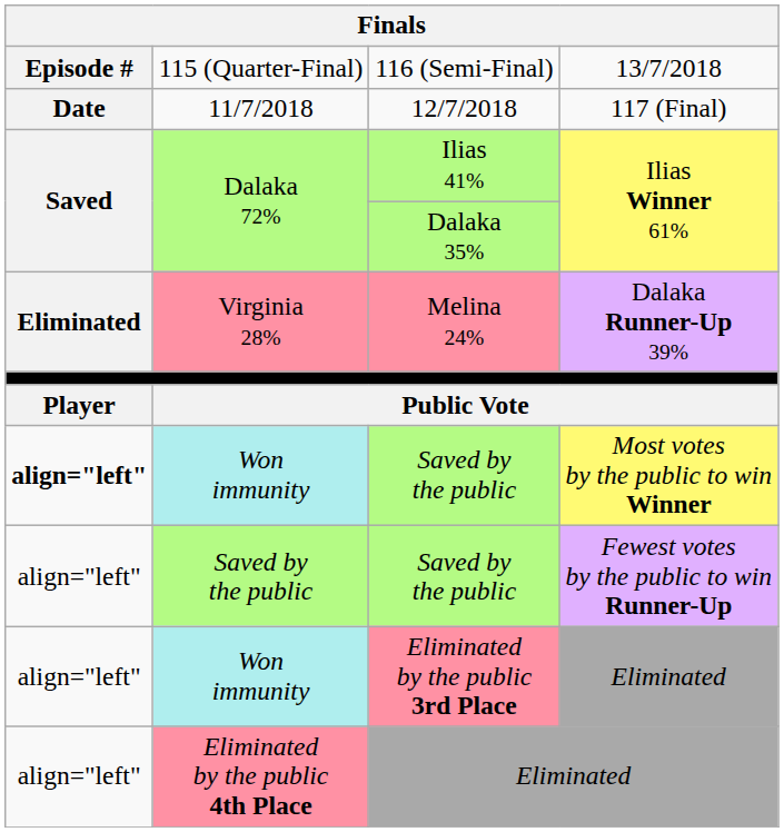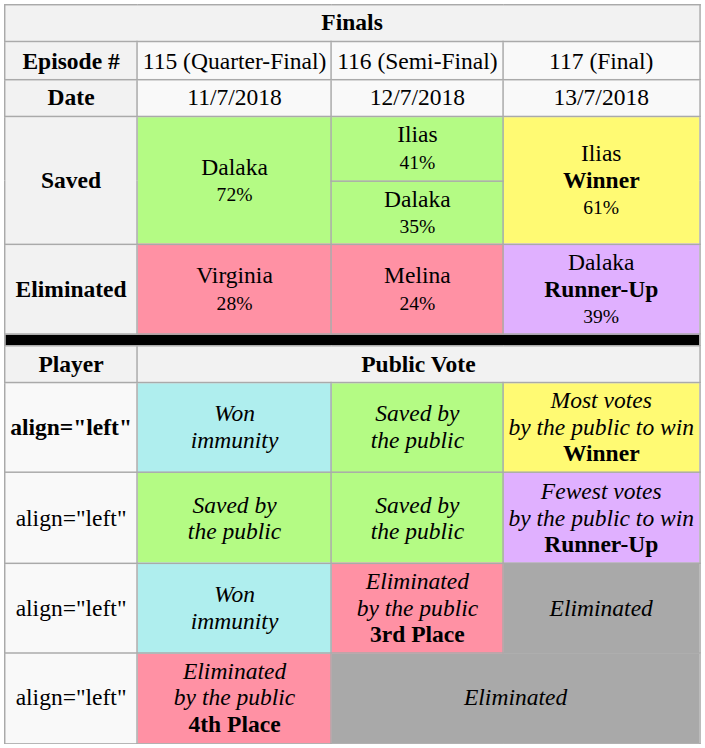 <table class="wikitable " style="text-align:center;">
 <tr>
 <th colspan="4">Finals</th>
 </tr>
 <tr>
 <th>Episode #</th>
 <td>115 (Quarter-Final)</td>
 <td>116 (Semi-Final)</td>
-<td>13/7/2018</td>
+<td>117 (Final)</td>
 </tr>
 <tr>
 <th>Date</th>
 <td>11/7/2018</td>
 <td>12/7/2018</td>
-<td>117 (Final)</td>
+<td>13/7/2018</td>
 </tr>
 <tr>
 <th rowspan=2>Saved</th>
 <td rowspan=2 style="background:#B4FB84">Dalaka<br> <small>72%</small></td>
 <td style="background:#B4FB84">Ilias <br> <small>41%</small></td>
 <td rowspan=2 style="background:#fffa73">Ilias<br> <strong>Winner</strong> <br><small> 61% </small></td>
 </tr>
 <tr>
 <td style="background:#B4FB84">Dalaka<br> <small>35%</small></td>
 </tr>
 <tr>
 <th>Eliminated</th>
 <td style="background:#FF91A4">Virginia<br> <small>28%</small></td>
 <td style="background:#FF91A4">Melina<br> <small>24%</small></td>
 <td style="background:#E0B0FF">Dalaka<br> <strong>Runner-Up</strong><br><small>39%</small></td>
 </tr>
 <tr>
 <th colspan="5" style="background:black;"></th>
 </tr>
 <tr>
 <th>Player</th>
 <th colspan="3">Public Vote</th>
 </tr>
 <tr>
 <td><strong>align="left" </strong></td>
 <td style="background:#afeeee"><em>Won<br> immunity</em></td>
 <td style="background:#B4FB84"><em>Saved by <br>the public</em></td>
 <td style="background:#fffa73"><em>Most votes <br>by the public to win</em><br><strong>Winner</strong></td>
 </tr>
 <tr>
 <td>align="left" </td>
 <td style="background:#B4FB84"><em>Saved by <br>the public</em></td>
 <td style="background:#B4FB84"><em>Saved by <br>the public</em></td>
 <td style="background:#E0B0FF"><em>Fewest votes <br>by the public to win</em><br><strong>Runner-Up</strong></td>
 </tr>
 <tr>
 <td>align="left" </td>
 <td style="background:#afeeee"><em>Won<br> immunity</em></td>
 <td style="background:#FF91A4"><em>Eliminated <br> by the public</em><br> <strong>3rd Place</strong></td>
 <td colspan=3 style="background:darkgray"><em>Eliminated</em><br></td>
 </tr>
 <tr>
 <td>align="left" </td>
 <td style="background:#FF91A4"><em>Eliminated <br> by the public</em><br> <strong>4th Place</strong></td>
 <td colspan=3 style="background:darkgray"><em>Eliminated</em><br></td>
 </tr>
 <tr>
 </tr>
 </table>
